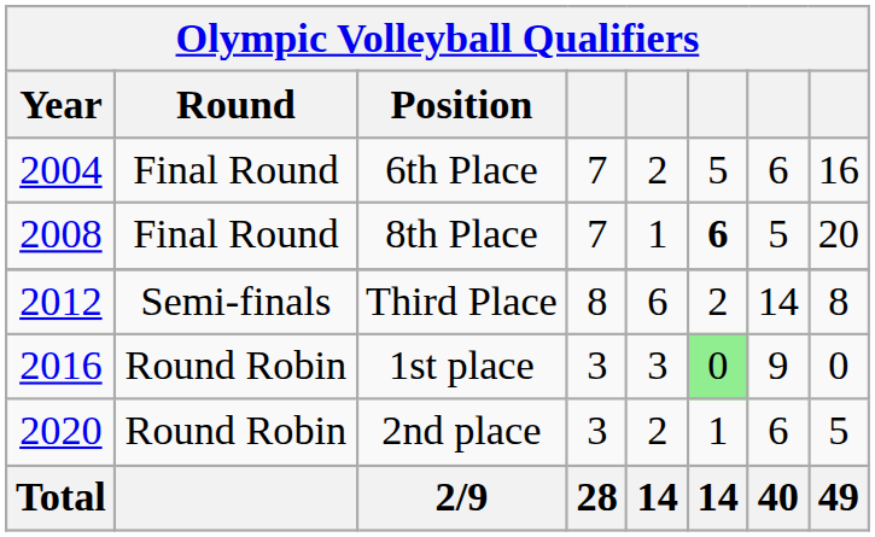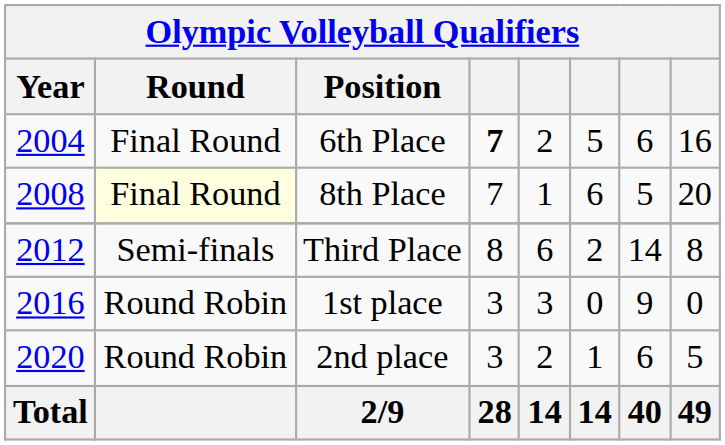 <table class="wikitable" style="text-align: center;">
 <tr>
 <th colspan=8><a href='#'>Olympic Volleyball Qualifiers</a></th>
 </tr>
 <tr>
 <th>Year</th>
 <th>Round</th>
 <th>Position</th>
 <th></th>
 <th></th>
 <th></th>
 <th></th>
 <th></th>
 </tr>
 <tr>
 <td> <a href='#'>2004</a></td>
 <td>Final Round</td>
 <td>6th Place</td>
-<td>7</td>
+<td><strong>7</strong></td>
 <td>2</td>
 <td>5</td>
 <td>6</td>
 <td>16</td>
 </tr>
 <tr>
 <td> <a href='#'>2008</a></td>
-<td>Final Round</td>
+<td style="background: lightyellow;">Final Round</td>
 <td>8th Place</td>
 <td>7</td>
 <td>1</td>
-<td><strong>6</strong></td>
+<td>6</td>
 <td>5</td>
 <td>20</td>
 </tr>
 <tr>
 </tr>
 <tr>
 <td> <a href='#'>2012</a></td>
 <td>Semi-finals</td>
 <td>Third Place</td>
 <td>8</td>
 <td>6</td>
 <td>2</td>
 <td>14</td>
 <td>8</td>
 </tr>
 <tr>
 <td> <a href='#'>2016</a></td>
 <td>Round Robin</td>
 <td>1st place</td>
 <td>3</td>
 <td>3</td>
-<td style="background: lightgreen;">0</td>
+<td>0</td>
 <td>9</td>
 <td>0</td>
 </tr>
 <tr>
 <td> <a href='#'>2020</a></td>
 <td>Round Robin</td>
 <td>2nd place</td>
 <td>3</td>
 <td>2</td>
 <td>1</td>
 <td>6</td>
 <td>5</td>
 </tr>
 <tr>
 <th>Total</th>
 <th></th>
 <th>2/9</th>
 <th>28</th>
 <th>14</th>
 <th>14</th>
 <th>40</th>
 <th>49</th>
 </tr>
 </table>
